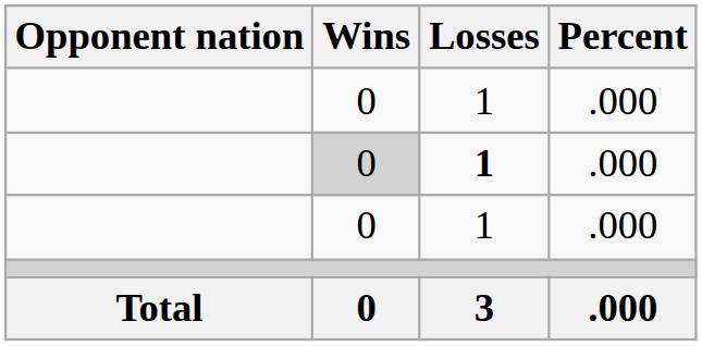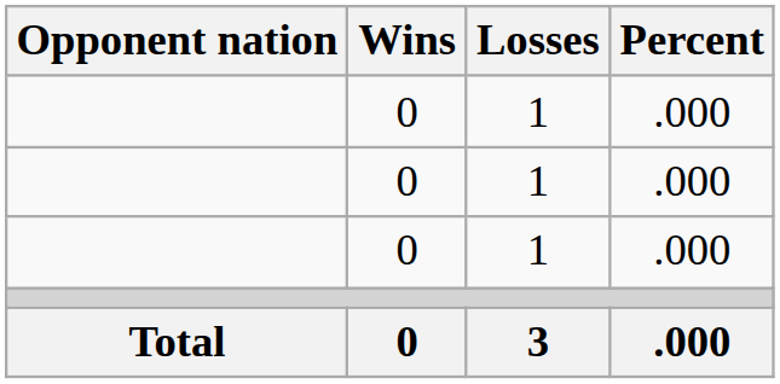 <table class=wikitable>
 <tr>
 <th>Opponent nation</th>
 <th>Wins</th>
 <th>Losses</th>
 <th>Percent</th>
 </tr>
 <tr align=center>
 <td align=left></td>
 <td>0</td>
 <td>1</td>
 <td>.000</td>
 </tr>
 <tr align=center>
 <td align=left></td>
-<td style="background: lightgrey;">0</td>
-<td><strong>1</strong></td>
+<td>0</td>
+<td>1</td>
 <td>.000</td>
 </tr>
 <tr align=center>
 <td align=left></td>
 <td>0</td>
 <td>1</td>
 <td>.000</td>
 </tr>
 <tr>
 <td colspan=4 bgcolor=lightgray></td>
 </tr>
 <tr>
 <th>Total</th>
 <th>0</th>
 <th>3</th>
 <th>.000</th>
 </tr>
 </table>
